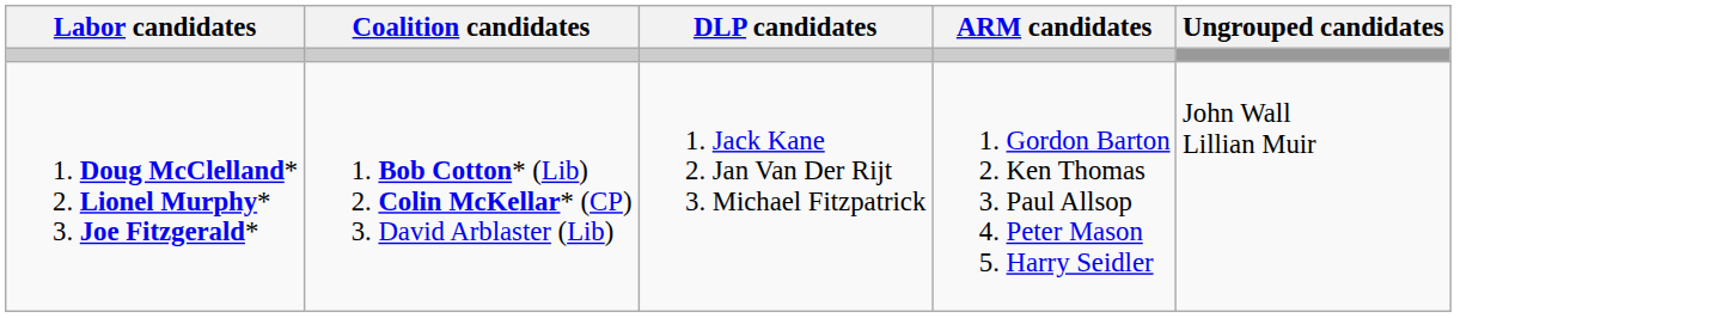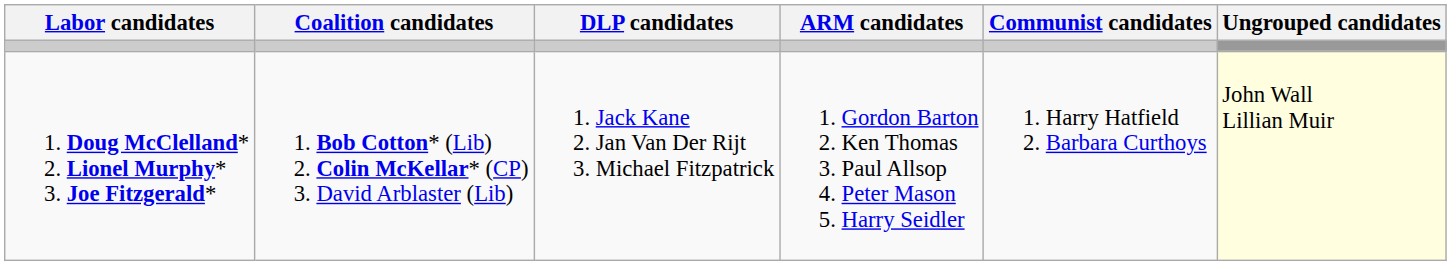 <table class="wikitable">
 <tr>
 <th><a href='#'>Labor</a> candidates</th>
 <th><a href='#'>Coalition</a> candidates</th>
 <th><a href='#'>DLP</a> candidates</th>
 <th><a href='#'>ARM</a> candidates</th>
+<th><a href='#'>Communist</a> candidates</th>
 <th>Ungrouped candidates</th>
 </tr>
 <tr bgcolor="#cccccc">
+<td></td>
 <td></td>
 <td></td>
 <td></td>
 <td></td>
 <td bgcolor="#999999"></td>
 </tr>
 <tr>
 <td><br><ol><li><strong><a href='#'>Doug McClelland</a></strong>*</li><li><strong><a href='#'>Lionel Murphy</a></strong>*</li><li><strong><a href='#'>Joe Fitzgerald</a></strong>*</li></ol></td>
 <td><br><ol><li><strong><a href='#'>Bob Cotton</a></strong>* (<a href='#'>Lib</a>)</li><li><strong><a href='#'>Colin McKellar</a></strong>* (<a href='#'>CP</a>)</li><li><a href='#'>David Arblaster</a> (<a href='#'>Lib</a>)</li></ol></td>
 <td valign=top><br><ol><li><a href='#'>Jack Kane</a></li><li>Jan Van Der Rijt</li><li>Michael Fitzpatrick</li></ol></td>
 <td valign=top><br><ol><li><a href='#'>Gordon Barton</a></li><li>Ken Thomas</li><li>Paul Allsop</li><li><a href='#'>Peter Mason</a></li><li><a href='#'>Harry Seidler</a></li></ol></td>
-<td valign=top><br>John Wall<br> Lillian Muir</td>
+<td valign=top><br><ol><li>Harry Hatfield</li><li><a href='#'>Barbara Curthoys</a></li></ol></td>
+<td valign=top style="background: lightyellow;"><br>John Wall<br> Lillian Muir</td>
 </tr>
 </table>
